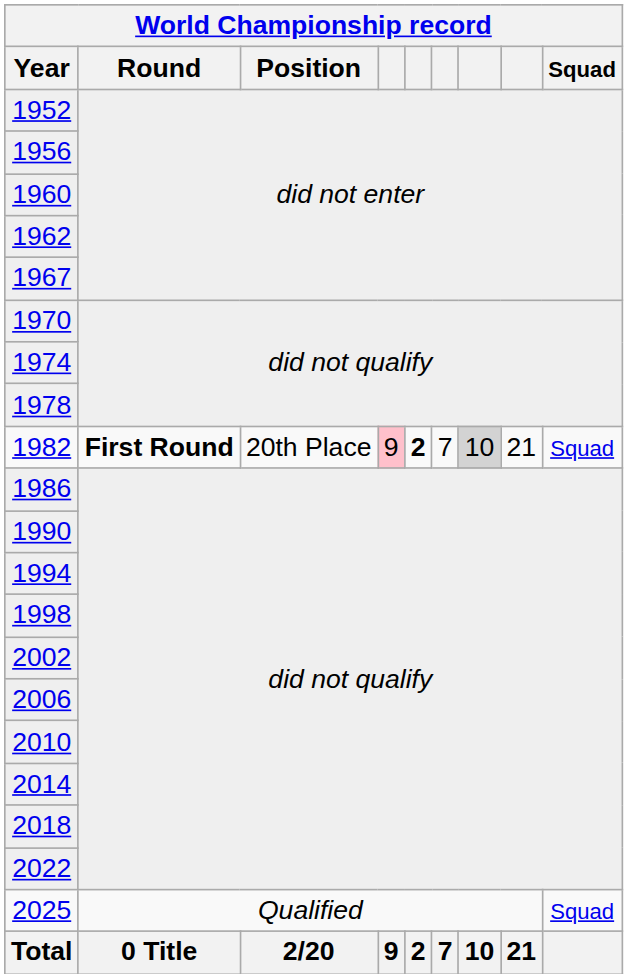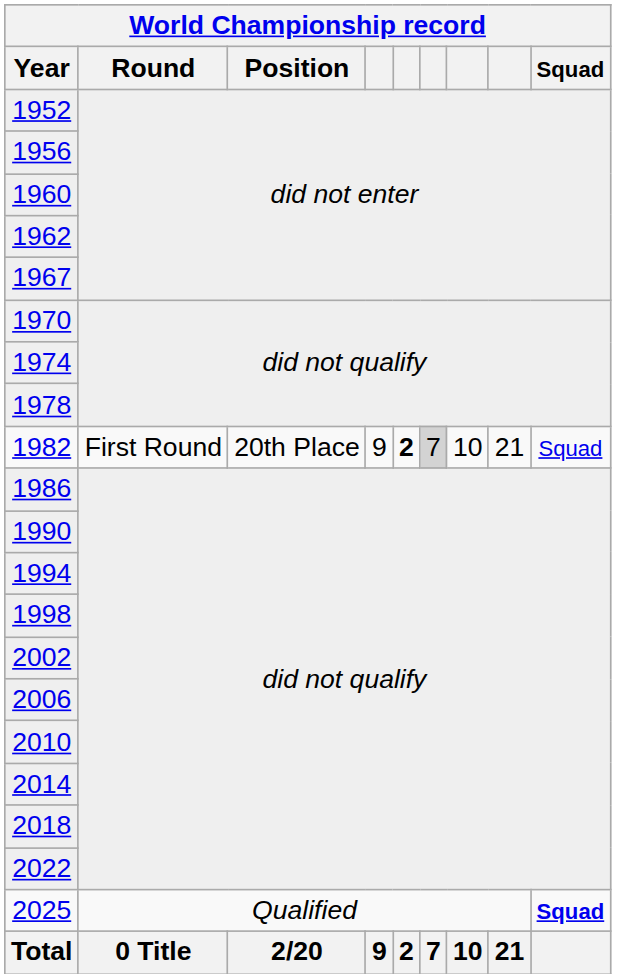 <table class="wikitable" style="text-align: center;">
 <tr>
 <th colspan=9><a href='#'>World Championship record</a></th>
 </tr>
 <tr>
 <th>Year</th>
 <th>Round</th>
 <th>Position</th>
 <th></th>
 <th></th>
 <th></th>
 <th></th>
 <th></th>
 <th><small>Squad</small></th>
 </tr>
 <tr bgcolor="efefef">
 <td> <a href='#'>1952</a></td>
 <td colspan=8 rowspan=5 align=center><em>did not enter</em></td>
 </tr>
 <tr bgcolor="efefef">
 <td> <a href='#'>1956</a></td>
 </tr>
 <tr bgcolor="efefef">
 <td> <a href='#'>1960</a></td>
 </tr>
 <tr bgcolor="efefef">
 <td> <a href='#'>1962</a></td>
 </tr>
 <tr bgcolor="efefef">
 <td> <a href='#'>1967</a></td>
 </tr>
 <tr bgcolor="efefef">
 <td> <a href='#'>1970</a></td>
 <td colspan=8 rowspan=3 align=center><em>did not qualify</em></td>
 </tr>
 <tr bgcolor="efefef">
 <td> <a href='#'>1974</a></td>
 </tr>
 <tr bgcolor="efefef">
 <td> <a href='#'>1978</a></td>
 </tr>
 <tr>
 <td> <a href='#'>1982</a></td>
-<td><strong>First Round</strong></td>
+<td>First Round</td>
 <td>20th Place</td>
-<td style="background: pink;">9</td>
+<td>9</td>
 <td><strong>2</strong></td>
-<td>7</td>
-<td style="background: lightgrey;">10</td>
+<td style="background: lightgrey;">7</td>
+<td>10</td>
 <td>21</td>
 <td><small><a href='#'>Squad</a></small></td>
 </tr>
 <tr bgcolor="efefef">
 <td> <a href='#'>1986</a></td>
 <td colspan=10 rowspan=10><em>did not qualify</em></td>
 </tr>
 <tr bgcolor="efefef">
 <td> <a href='#'>1990</a></td>
 </tr>
 <tr bgcolor="efefef">
 <td> <a href='#'>1994</a></td>
 </tr>
 <tr bgcolor="efefef">
 <td> <a href='#'>1998</a></td>
 </tr>
 <tr bgcolor="efefef">
 <td> <a href='#'>2002</a></td>
 </tr>
 <tr bgcolor="efefef">
 <td> <a href='#'>2006</a></td>
 </tr>
 <tr bgcolor="efefef">
 <td> <a href='#'>2010</a></td>
 </tr>
 <tr bgcolor="efefef">
 <td> <a href='#'>2014</a></td>
 </tr>
 <tr bgcolor="efefef">
 <td> <a href='#'>2018</a></td>
 </tr>
 <tr bgcolor="efefef">
 <td>  <a href='#'>2022</a></td>
 </tr>
 <tr>
 <td> <a href='#'>2025</a></td>
 <td colspan=7 rowspan=1 align=center><em>Qualified</em></td>
-<td><small><a href='#'>Squad</a></small></td>
+<td><strong><small><a href='#'>Squad</a></small></strong></td>
 </tr>
 <tr>
 <th>Total</th>
 <th>0 Title</th>
 <th>2/20</th>
 <th>9</th>
 <th>2</th>
 <th>7</th>
 <th>10</th>
 <th>21</th>
 <th></th>
 </tr>
 </table>
